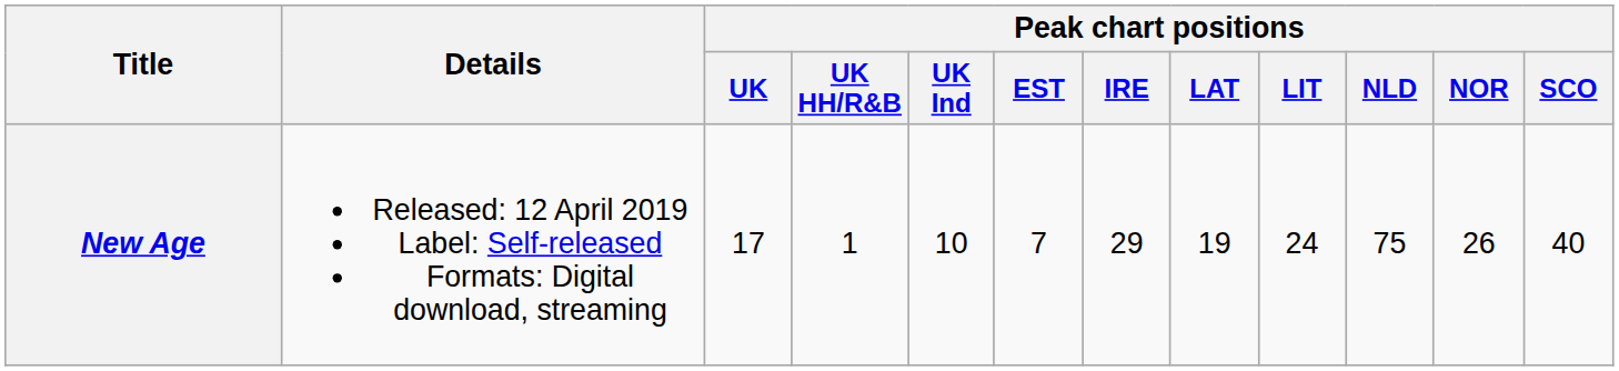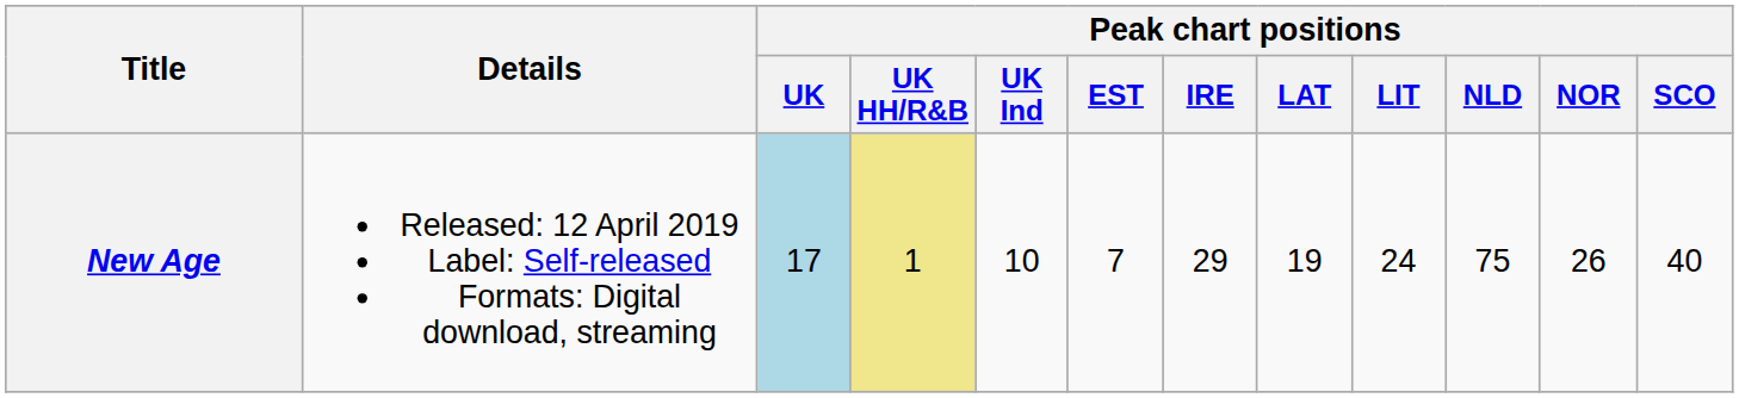 <table class="wikitable plainrowheaders" style="text-align:center;">
 <tr>
 <th scope="col" rowspan="2" style="width:10em;">Title</th>
 <th scope="col" rowspan="2" style="width:15em;">Details</th>
 <th colspan="10" scope="col">Peak chart positions</th>
 </tr>
 <tr>
 <th scope="col" style="width:3em;font-size:90%;"><a href='#'>UK</a><br></th>
 <th scope="col" style="width:3em;font-size:90%;"><a href='#'>UK<br>HH/R&B</a><br></th>
 <th scope="col" style="width:3em;font-size:90%;"><a href='#'>UK<br>Ind</a><br></th>
 <th scope="col" style="width:3em;font-size:90%;"><a href='#'>EST</a><br></th>
 <th scope="col" style="width:3em;font-size:90%;"><a href='#'>IRE</a><br></th>
 <th scope="col" style="width:3em;font-size:90%;"><a href='#'>LAT</a><br></th>
 <th scope="col" style="width:3em;font-size:90%;"><a href='#'>LIT</a><br></th>
 <th scope="col" style="width:3em;font-size:90%;"><a href='#'>NLD</a><br></th>
 <th scope="col" style="width:3em;font-size:90%;"><a href='#'>NOR</a><br></th>
 <th scope="col" style="width:3em;font-size:90%;"><a href='#'>SCO</a><br></th>
 </tr>
 <tr>
 <th scope="row"><em><a href='#'>New Age</a></em><br></th>
 <td><br><ul><li>Released: 12 April 2019</li><li>Label: <a href='#'>Self-released</a></li><li>Formats: Digital download, streaming</li></ul></td>
-<td>17</td>
-<td>1</td>
+<td style="background: lightblue;">17</td>
+<td style="background: khaki;">1</td>
 <td>10</td>
 <td>7</td>
 <td>29</td>
 <td>19</td>
 <td>24</td>
 <td>75</td>
 <td>26</td>
 <td>40</td>
 </tr>
 </table>
